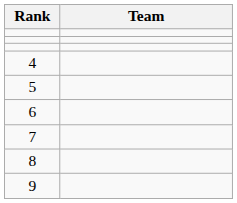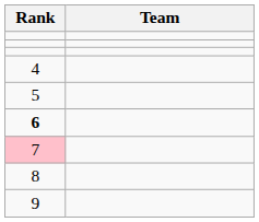 <table class="wikitable" style="text-align: center">
 <tr>
 <th width=50>Rank</th>
 <th width=170>Team</th>
 </tr>
 <tr>
 <td></td>
 <td align=left></td>
 </tr>
 <tr>
 <td></td>
 <td align=left></td>
 </tr>
 <tr>
 <td></td>
 <td align=left></td>
 </tr>
 <tr>
 <td>4</td>
 <td align=left></td>
 </tr>
 <tr>
 <td>5</td>
 <td align=left></td>
 </tr>
 <tr>
-<td>6</td>
+<td><strong>6</strong></td>
 <td align=left></td>
 </tr>
 <tr>
-<td>7</td>
+<td style="background: pink;">7</td>
 <td align=left></td>
 </tr>
 <tr>
 <td>8</td>
 <td align=left></td>
 </tr>
 <tr>
 <td>9</td>
 <td align=left></td>
 </tr>
 </table>
